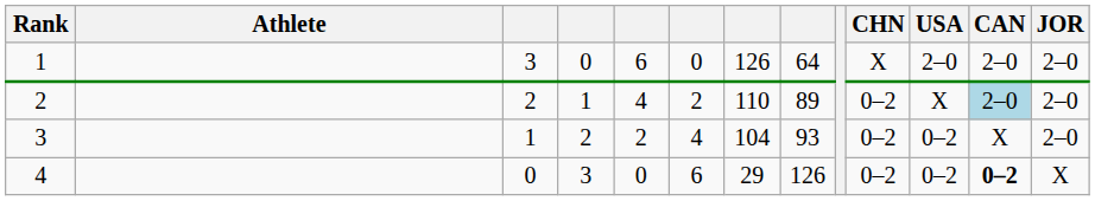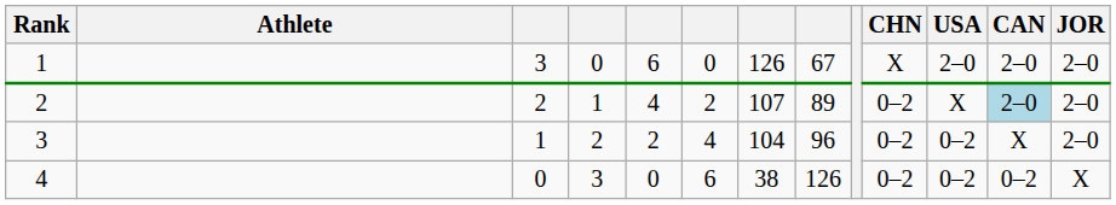 <table class="wikitable" style="text-align:center">
 <tr>
 <th width=40>Rank</th>
 <th width=280>Athlete</th>
 <th width=30></th>
 <th width=30></th>
 <th width=30></th>
 <th width=30></th>
 <th width=30></th>
 <th width=30></th>
 <th rowspan=5></th>
 <th width=30>CHN</th>
 <th width=30>USA</th>
 <th width=30>CAN</th>
 <th width=30>JOR</th>
 </tr>
 <tr style="border-bottom:2px solid green;">
 <td>1</td>
 <td align=left></td>
 <td>3</td>
 <td>0</td>
 <td>6</td>
 <td>0</td>
 <td>126</td>
-<td>64</td>
+<td>67</td>
 <td>X</td>
 <td>2–0</td>
 <td>2–0</td>
 <td>2–0</td>
 </tr>
 <tr>
 <td>2</td>
 <td align=left></td>
 <td>2</td>
 <td>1</td>
 <td>4</td>
 <td>2</td>
-<td>110</td>
+<td>107</td>
 <td>89</td>
 <td>0–2</td>
 <td>X</td>
 <td style="background: lightblue;">2–0</td>
 <td>2–0</td>
 </tr>
 <tr>
 <td>3</td>
 <td align=left></td>
 <td>1</td>
 <td>2</td>
 <td>2</td>
 <td>4</td>
 <td>104</td>
-<td>93</td>
+<td>96</td>
 <td>0–2</td>
 <td>0–2</td>
 <td>X</td>
 <td>2–0</td>
 </tr>
 <tr>
 <td>4</td>
 <td align=left></td>
 <td>0</td>
 <td>3</td>
 <td>0</td>
 <td>6</td>
-<td>29</td>
+<td>38</td>
 <td>126</td>
 <td>0–2</td>
 <td>0–2</td>
-<td><strong>0–2</strong></td>
+<td>0–2</td>
 <td>X</td>
 </tr>
 </table>
